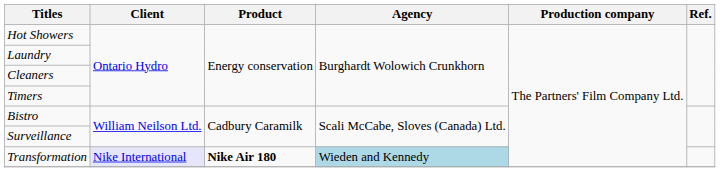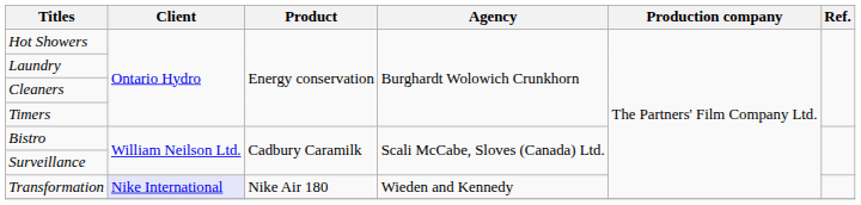 <table class="wikitable sortable">
 <tr>
 <th>Titles</th>
 <th>Client</th>
 <th>Product</th>
 <th>Agency</th>
 <th>Production company</th>
 <th class="unsortable">Ref.</th>
 </tr>
 <tr>
 <td><em>Hot Showers</em></td>
 <td rowspan=4><a href='#'>Ontario Hydro</a></td>
 <td rowspan=4>Energy conservation</td>
 <td rowspan=4>Burghardt Wolowich Crunkhorn</td>
 <td rowspan=7>The Partners' Film Company Ltd.</td>
 <td rowspan=4></td>
 </tr>
 <tr>
 <td><em>Laundry</em></td>
 </tr>
 <tr>
 <td><em>Cleaners</em></td>
 </tr>
 <tr>
 <td><em>Timers</em></td>
 </tr>
 <tr>
 <td><em>Bistro</em></td>
 <td rowspan=2><a href='#'>William Neilson Ltd.</a></td>
 <td rowspan=2>Cadbury Caramilk</td>
 <td rowspan=2>Scali McCabe, Sloves (Canada) Ltd.</td>
 <td rowspan=2></td>
 </tr>
 <tr>
 <td><em>Surveillance</em></td>
 </tr>
 <tr>
 <td><em>Transformation</em></td>
 <td style="background: lavender;"><a href='#'>Nike International</a></td>
-<td><strong>Nike Air 180</strong></td>
-<td style="background: lightblue;">Wieden and Kennedy</td>
+<td>Nike Air 180</td>
+<td>Wieden and Kennedy</td>
 <td></td>
 </tr>
 <tr>
 </tr>
 </table>
